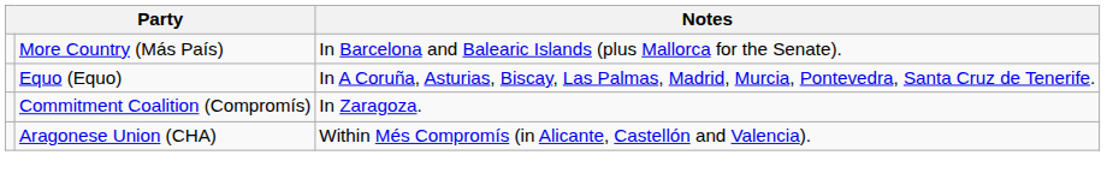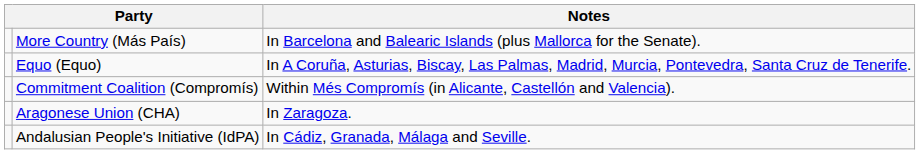 <table class="wikitable" style="text-align:left;">
 <tr>
 <th colspan="2">Party</th>
 <th>Notes</th>
 </tr>
 <tr>
 <td width="1"></td>
 <td><a href='#'>More Country</a> (Más País)</td>
 <td>In <a href='#'>Barcelona</a> and <a href='#'>Balearic Islands</a> (plus <a href='#'>Mallorca</a> for the Senate).</td>
 </tr>
 <tr>
 <td></td>
 <td><a href='#'>Equo</a> (Equo)</td>
 <td>In <a href='#'>A Coruña</a>, <a href='#'>Asturias</a>, <a href='#'>Biscay</a>, <a href='#'>Las Palmas</a>, <a href='#'>Madrid</a>, <a href='#'>Murcia</a>, <a href='#'>Pontevedra</a>, <a href='#'>Santa Cruz de Tenerife</a>.</td>
 </tr>
 <tr>
 <td></td>
 <td><a href='#'>Commitment Coalition</a> (Compromís)</td>
+<td>Within <a href='#'>Més Compromís</a> (in <a href='#'>Alicante</a>, <a href='#'>Castellón</a> and <a href='#'>Valencia</a>).</td>
+</tr>
+<tr>
+<td></td>
+<td><a href='#'>Aragonese Union</a> (CHA)</td>
 <td>In <a href='#'>Zaragoza</a>.</td>
 </tr>
 <tr>
 <td></td>
-<td><a href='#'>Aragonese Union</a> (CHA)</td>
-<td>Within <a href='#'>Més Compromís</a> (in <a href='#'>Alicante</a>, <a href='#'>Castellón</a> and <a href='#'>Valencia</a>).</td>
+<td>Andalusian People's Initiative (IdPA)</td>
+<td>In <a href='#'>Cádiz</a>, <a href='#'>Granada</a>, <a href='#'>Málaga</a> and <a href='#'>Seville</a>.</td>
 </tr>
 </table>
